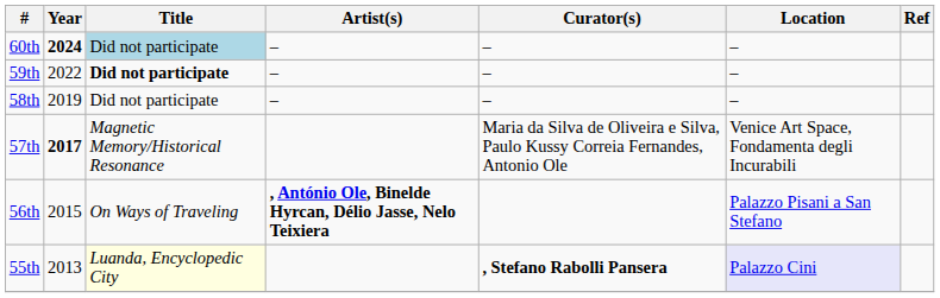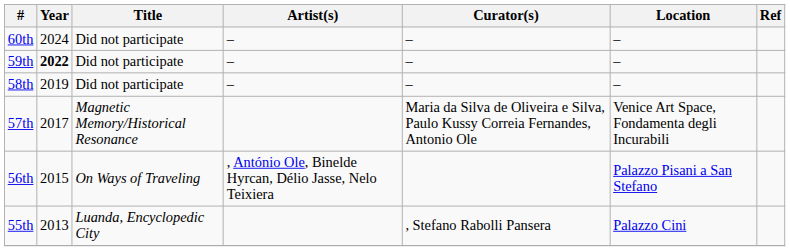 <table class="sortable wikitable" style="text-align: center">
 <tr>
 <th scope="col" class="unsortable" style="width:2%" data-sort-type="number">#</th>
 <th scope="col" style="width:2%" data-sort-type="number">Year</th>
 <th scope="col" style="width:20%">Title</th>
 <th scope="col" style="width:25%">Artist(s)</th>
 <th scope="col" style="width:29%">Curator(s)</th>
 <th scope="col" style="width:20%">Location</th>
 <th scope="col" class="unsortable" style="width:2%">Ref</th>
 </tr>
 <tr>
 <td><a href='#'>60th</a></td>
-<td><strong>2024</strong></td>
-<td style="background: lightblue; text-align: left">Did not participate</td>
+<td>2024</td>
+<td style="text-align: left">Did not participate</td>
 <td style="text-align: left">–</td>
 <td style="text-align: left">–</td>
 <td style="text-align: left">–</td>
 <td></td>
 </tr>
 <tr>
 <td><a href='#'>59th</a></td>
-<td>2022</td>
-<td style="text-align: left"><strong>Did not participate</strong></td>
+<td><strong>2022</strong></td>
+<td style="text-align: left">Did not participate</td>
 <td style="text-align: left">–</td>
 <td style="text-align: left">–</td>
 <td style="text-align: left">–</td>
 <td></td>
 </tr>
 <tr>
 <td><a href='#'>58th</a></td>
 <td>2019</td>
 <td style="text-align: left">Did not participate</td>
 <td style="text-align: left">–</td>
 <td style="text-align: left">–</td>
 <td style="text-align: left">–</td>
 <td></td>
 </tr>
 <tr>
 <td><a href='#'>57th</a></td>
-<td><strong>2017</strong></td>
+<td>2017</td>
 <td style="text-align: left"><em>Magnetic Memory/Historical Resonance</em></td>
 <td style="text-align: left"></td>
 <td style="text-align: left">Maria da Silva de Oliveira e Silva, Paulo Kussy Correia Fernandes, Antonio Ole</td>
 <td style="text-align: left">Venice Art Space, Fondamenta degli Incurabili</td>
 <td></td>
 </tr>
 <tr>
 <td><a href='#'>56th</a></td>
 <td>2015</td>
 <td style="text-align: left"><em>On Ways of Traveling</em></td>
-<td style="text-align: left"><strong>, <a href='#'>António Ole</a>, Binelde Hyrcan, Délio Jasse, Nelo Teixiera</strong></td>
+<td style="text-align: left">, <a href='#'>António Ole</a>, Binelde Hyrcan, Délio Jasse, Nelo Teixiera</td>
 <td style="text-align: left"></td>
 <td style="text-align: left"><a href='#'>Palazzo Pisani a San Stefano</a></td>
 <td></td>
 </tr>
 <tr>
 <td><a href='#'>55th</a></td>
 <td>2013</td>
-<td style="background: lightyellow; text-align: left"><em>Luanda, Encyclopedic City</em></td>
+<td style="text-align: left"><em>Luanda, Encyclopedic City</em></td>
 <td style="text-align: left"></td>
-<td style="text-align: left"><strong>, Stefano Rabolli Pansera</strong></td>
-<td style="background: lavender; text-align: left"><a href='#'>Palazzo Cini</a></td>
+<td style="text-align: left">, Stefano Rabolli Pansera</td>
+<td style="text-align: left"><a href='#'>Palazzo Cini</a></td>
 <td></td>
 </tr>
 <tr>
 </tr>
 </table>
